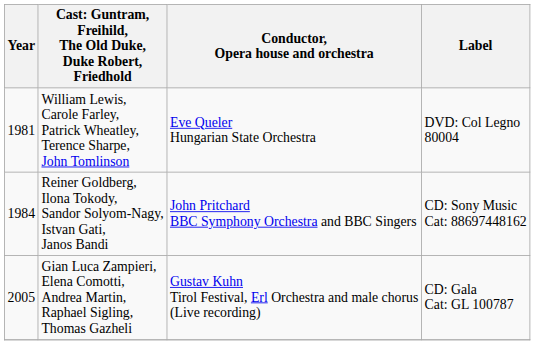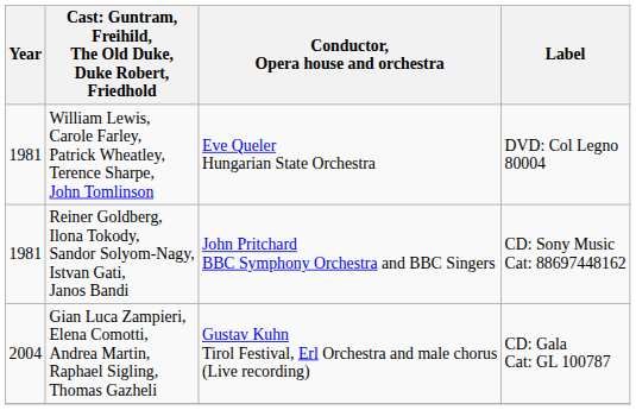 <table class="wikitable">
 <tr>
 <th>Year</th>
 <th>Cast: Guntram,<br>Freihild,<br>The Old Duke,<br>Duke Robert,<br>Friedhold</th>
 <th>Conductor,<br>Opera house and orchestra</th>
 <th>Label</th>
 </tr>
 <tr>
 <td>1981</td>
 <td>William Lewis,<br>Carole Farley,<br>Patrick Wheatley,<br> Terence Sharpe,<br><a href='#'>John Tomlinson</a></td>
 <td><a href='#'>Eve Queler</a><br>Hungarian State Orchestra</td>
 <td>DVD: Col Legno<br>80004</td>
 </tr>
 <tr>
-<td>1984</td>
+<td>1981</td>
 <td>Reiner Goldberg,<br>Ilona Tokody,<br>Sandor Solyom-Nagy,<br>Istvan Gati,<br>Janos Bandi</td>
 <td><a href='#'>John Pritchard</a><br><a href='#'>BBC Symphony Orchestra</a> and BBC Singers</td>
 <td>CD: Sony Music<br>Cat: 88697448162</td>
 </tr>
 <tr>
-<td>2005</td>
+<td>2004</td>
 <td>Gian Luca Zampieri,<br>Elena Comotti,<br>Andrea Martin,<br>Raphael Sigling,<br>Thomas Gazheli</td>
 <td><a href='#'>Gustav Kuhn</a><br>Tirol Festival, <a href='#'>Erl</a> Orchestra and male chorus<br>(Live recording)</td>
 <td>CD: Gala<br>Cat: GL 100787</td>
 </tr>
 <tr>
 </tr>
 </table>
